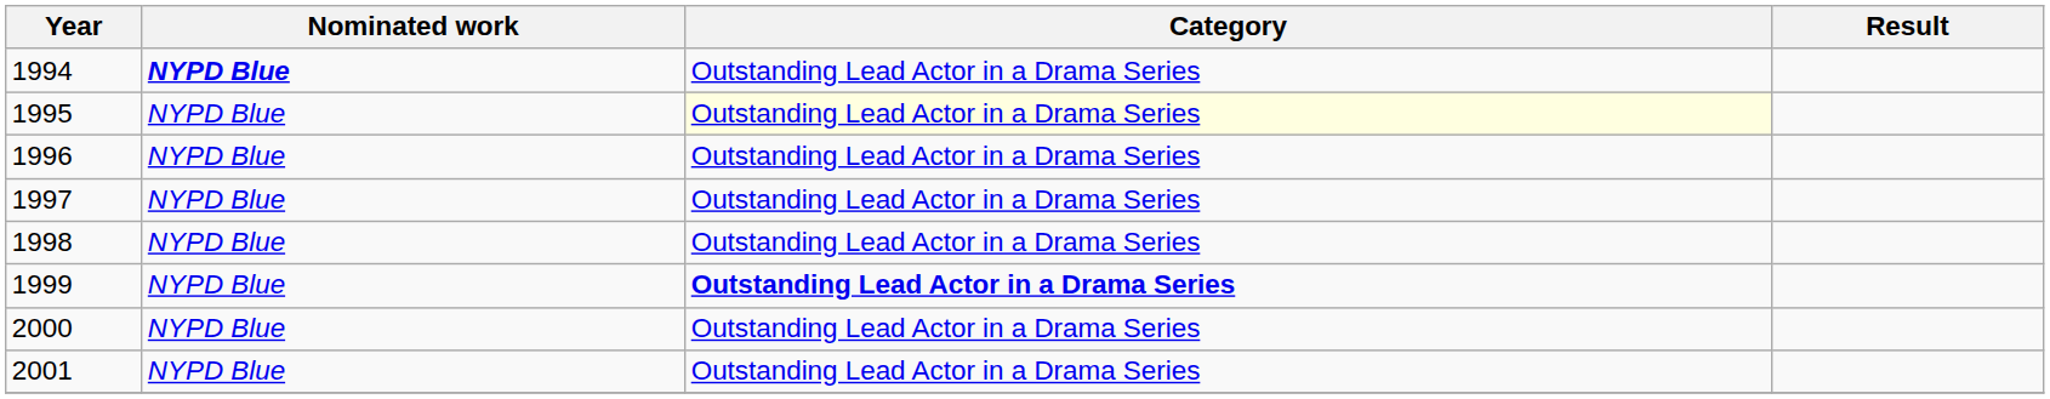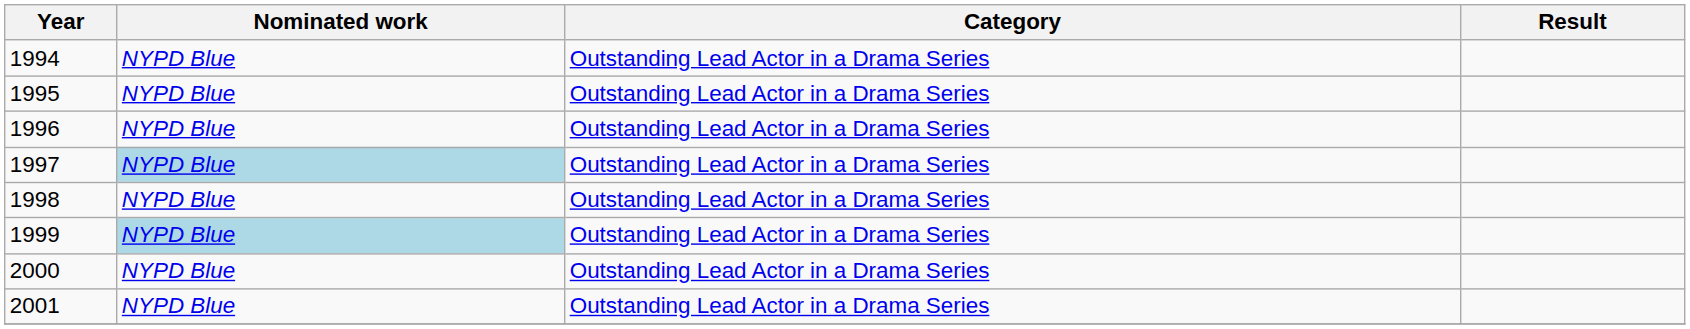 <table width="95%" class="wikitable sortable">
 <tr>
 <th width="5%">Year</th>
 <th width="20%">Nominated work</th>
 <th width="40%">Category</th>
 <th width="10%">Result</th>
 </tr>
 <tr>
 <td>1994</td>
-<td><strong><em><a href='#'>NYPD Blue</a></em></strong></td>
+<td><em><a href='#'>NYPD Blue</a></em></td>
 <td><a href='#'>Outstanding Lead Actor in a Drama Series</a></td>
 <td></td>
 </tr>
 <tr>
 <td>1995</td>
 <td><em><a href='#'>NYPD Blue</a></em></td>
-<td style="background: lightyellow;"><a href='#'>Outstanding Lead Actor in a Drama Series</a></td>
+<td><a href='#'>Outstanding Lead Actor in a Drama Series</a></td>
 <td></td>
 </tr>
 <tr>
 <td>1996</td>
 <td><em><a href='#'>NYPD Blue</a></em></td>
 <td><a href='#'>Outstanding Lead Actor in a Drama Series</a></td>
 <td></td>
 </tr>
 <tr>
 <td>1997</td>
-<td><em><a href='#'>NYPD Blue</a></em></td>
+<td style="background: lightblue;"><em><a href='#'>NYPD Blue</a></em></td>
 <td><a href='#'>Outstanding Lead Actor in a Drama Series</a></td>
 <td></td>
 </tr>
 <tr>
 <td>1998</td>
 <td><em><a href='#'>NYPD Blue</a></em></td>
 <td><a href='#'>Outstanding Lead Actor in a Drama Series</a></td>
 <td></td>
 </tr>
 <tr>
 <td>1999</td>
-<td><em><a href='#'>NYPD Blue</a></em></td>
-<td><strong><a href='#'>Outstanding Lead Actor in a Drama Series</a></strong></td>
+<td style="background: lightblue;"><em><a href='#'>NYPD Blue</a></em></td>
+<td><a href='#'>Outstanding Lead Actor in a Drama Series</a></td>
 <td></td>
 </tr>
 <tr>
 <td>2000</td>
 <td><em><a href='#'>NYPD Blue</a></em></td>
 <td><a href='#'>Outstanding Lead Actor in a Drama Series</a></td>
 <td></td>
 </tr>
 <tr>
 <td>2001</td>
 <td><em><a href='#'>NYPD Blue</a></em></td>
 <td><a href='#'>Outstanding Lead Actor in a Drama Series</a></td>
 <td></td>
 </tr>
 <tr>
 </tr>
 </table>
